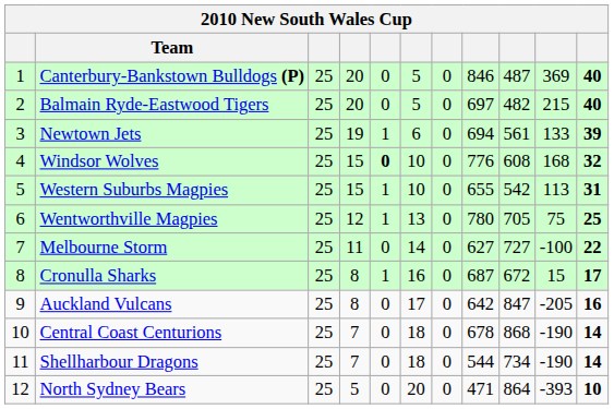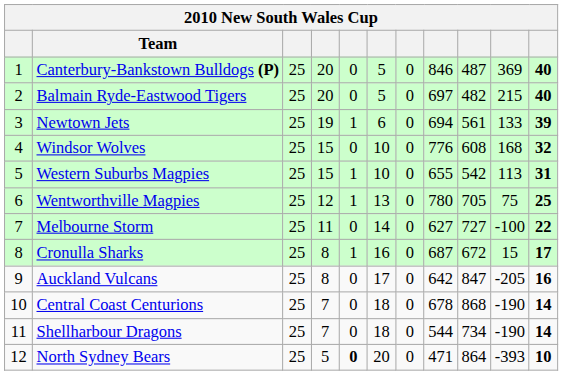 <table class="wikitable" style="text-align:center;">
 <tr>
 <th colspan="12">2010 New South Wales Cup</th>
 </tr>
 <tr>
 <th width="20"></th>
 <th>Team</th>
 <th width="20"></th>
 <th width="20"></th>
 <th width="20"></th>
 <th width="20"></th>
 <th width="20"></th>
 <th width="25"></th>
 <th width="25"></th>
 <th width="30"></th>
 <th width="20"></th>
 </tr>
 <tr style="background: #ccffcc;">
 <td>1</td>
 <td style="text-align:left;"> <a href='#'>Canterbury-Bankstown Bulldogs</a> <strong>(P)</strong></td>
 <td>25</td>
 <td>20</td>
 <td>0</td>
 <td>5</td>
 <td>0</td>
 <td>846</td>
 <td>487</td>
 <td>369</td>
 <td><strong>40</strong></td>
 </tr>
 <tr style="background: #ccffcc;">
 <td>2</td>
 <td style="text-align:left;"> <a href='#'>Balmain Ryde-Eastwood Tigers</a></td>
 <td>25</td>
 <td>20</td>
 <td>0</td>
 <td>5</td>
 <td>0</td>
 <td>697</td>
 <td>482</td>
 <td>215</td>
 <td><strong>40</strong></td>
 </tr>
 <tr style="background: #ccffcc;">
 <td>3</td>
 <td style="text-align:left;"> <a href='#'>Newtown Jets</a></td>
 <td>25</td>
 <td>19</td>
 <td>1</td>
 <td>6</td>
 <td>0</td>
 <td>694</td>
 <td>561</td>
 <td>133</td>
 <td><strong>39</strong></td>
 </tr>
 <tr style="background: #ccffcc;">
 <td>4</td>
 <td style="text-align:left;"> <a href='#'>Windsor Wolves</a></td>
 <td>25</td>
 <td>15</td>
-<td><strong>0</strong></td>
+<td>0</td>
 <td>10</td>
 <td>0</td>
 <td>776</td>
 <td>608</td>
 <td>168</td>
 <td><strong>32</strong></td>
 </tr>
 <tr style="background: #ccffcc;">
 <td>5</td>
 <td style="text-align:left;"> <a href='#'>Western Suburbs Magpies</a></td>
 <td>25</td>
 <td>15</td>
 <td>1</td>
 <td>10</td>
 <td>0</td>
 <td>655</td>
 <td>542</td>
 <td>113</td>
 <td><strong>31</strong></td>
 </tr>
 <tr style="background: #ccffcc;">
 <td>6</td>
 <td style="text-align:left;"> <a href='#'>Wentworthville Magpies</a></td>
 <td>25</td>
 <td>12</td>
 <td>1</td>
 <td>13</td>
 <td>0</td>
 <td>780</td>
 <td>705</td>
 <td>75</td>
 <td><strong>25</strong></td>
 </tr>
 <tr style="background: #ccffcc;">
 <td>7</td>
 <td style="text-align:left;"> <a href='#'>Melbourne Storm</a></td>
 <td>25</td>
 <td>11</td>
 <td>0</td>
 <td>14</td>
 <td>0</td>
 <td>627</td>
 <td>727</td>
 <td>-100</td>
 <td><strong>22</strong></td>
 </tr>
 <tr style="background: #ccffcc;">
 <td>8</td>
 <td style="text-align:left;"> <a href='#'>Cronulla Sharks</a></td>
 <td>25</td>
 <td>8</td>
 <td>1</td>
 <td>16</td>
 <td>0</td>
 <td>687</td>
 <td>672</td>
 <td>15</td>
 <td><strong>17</strong></td>
 </tr>
 <tr style="background:">
 <td>9</td>
 <td style="text-align:left;"> <a href='#'>Auckland Vulcans</a></td>
 <td>25</td>
 <td>8</td>
 <td>0</td>
 <td>17</td>
 <td>0</td>
 <td>642</td>
 <td>847</td>
 <td>-205</td>
 <td><strong>16</strong></td>
 </tr>
 <tr style="background: ">
 <td>10</td>
 <td style="text-align:left;"> <a href='#'>Central Coast Centurions</a></td>
 <td>25</td>
 <td>7</td>
 <td>0</td>
 <td>18</td>
 <td>0</td>
 <td>678</td>
 <td>868</td>
 <td>-190</td>
 <td><strong>14</strong></td>
 </tr>
 <tr>
 <td>11</td>
 <td style="text-align:left;"> <a href='#'>Shellharbour Dragons</a></td>
 <td>25</td>
 <td>7</td>
 <td>0</td>
 <td>18</td>
 <td>0</td>
 <td>544</td>
 <td>734</td>
 <td>-190</td>
 <td><strong>14</strong></td>
 </tr>
 <tr style="background: ">
 <td>12</td>
 <td style="text-align:left;"> <a href='#'>North Sydney Bears</a></td>
 <td>25</td>
 <td>5</td>
-<td>0</td>
+<td><strong>0</strong></td>
 <td>20</td>
 <td>0</td>
 <td>471</td>
 <td>864</td>
 <td>-393</td>
 <td><strong>10</strong></td>
 </tr>
 </table>
